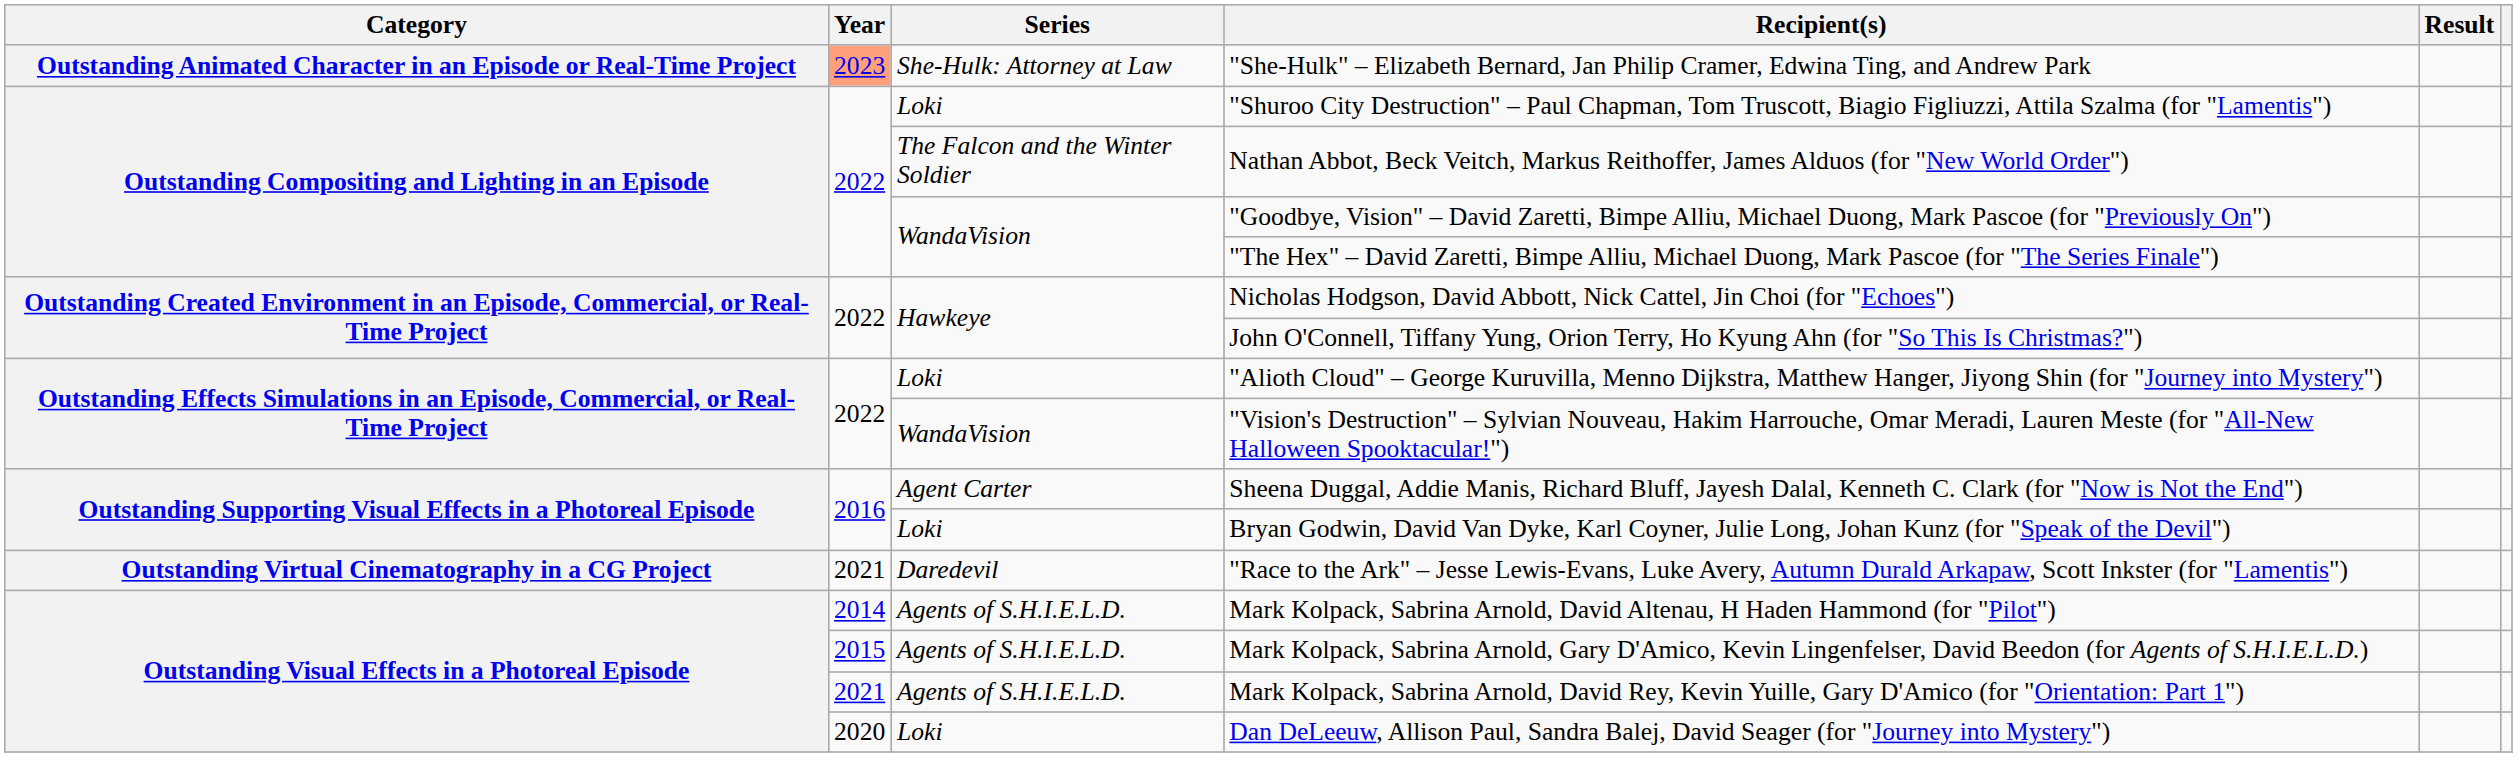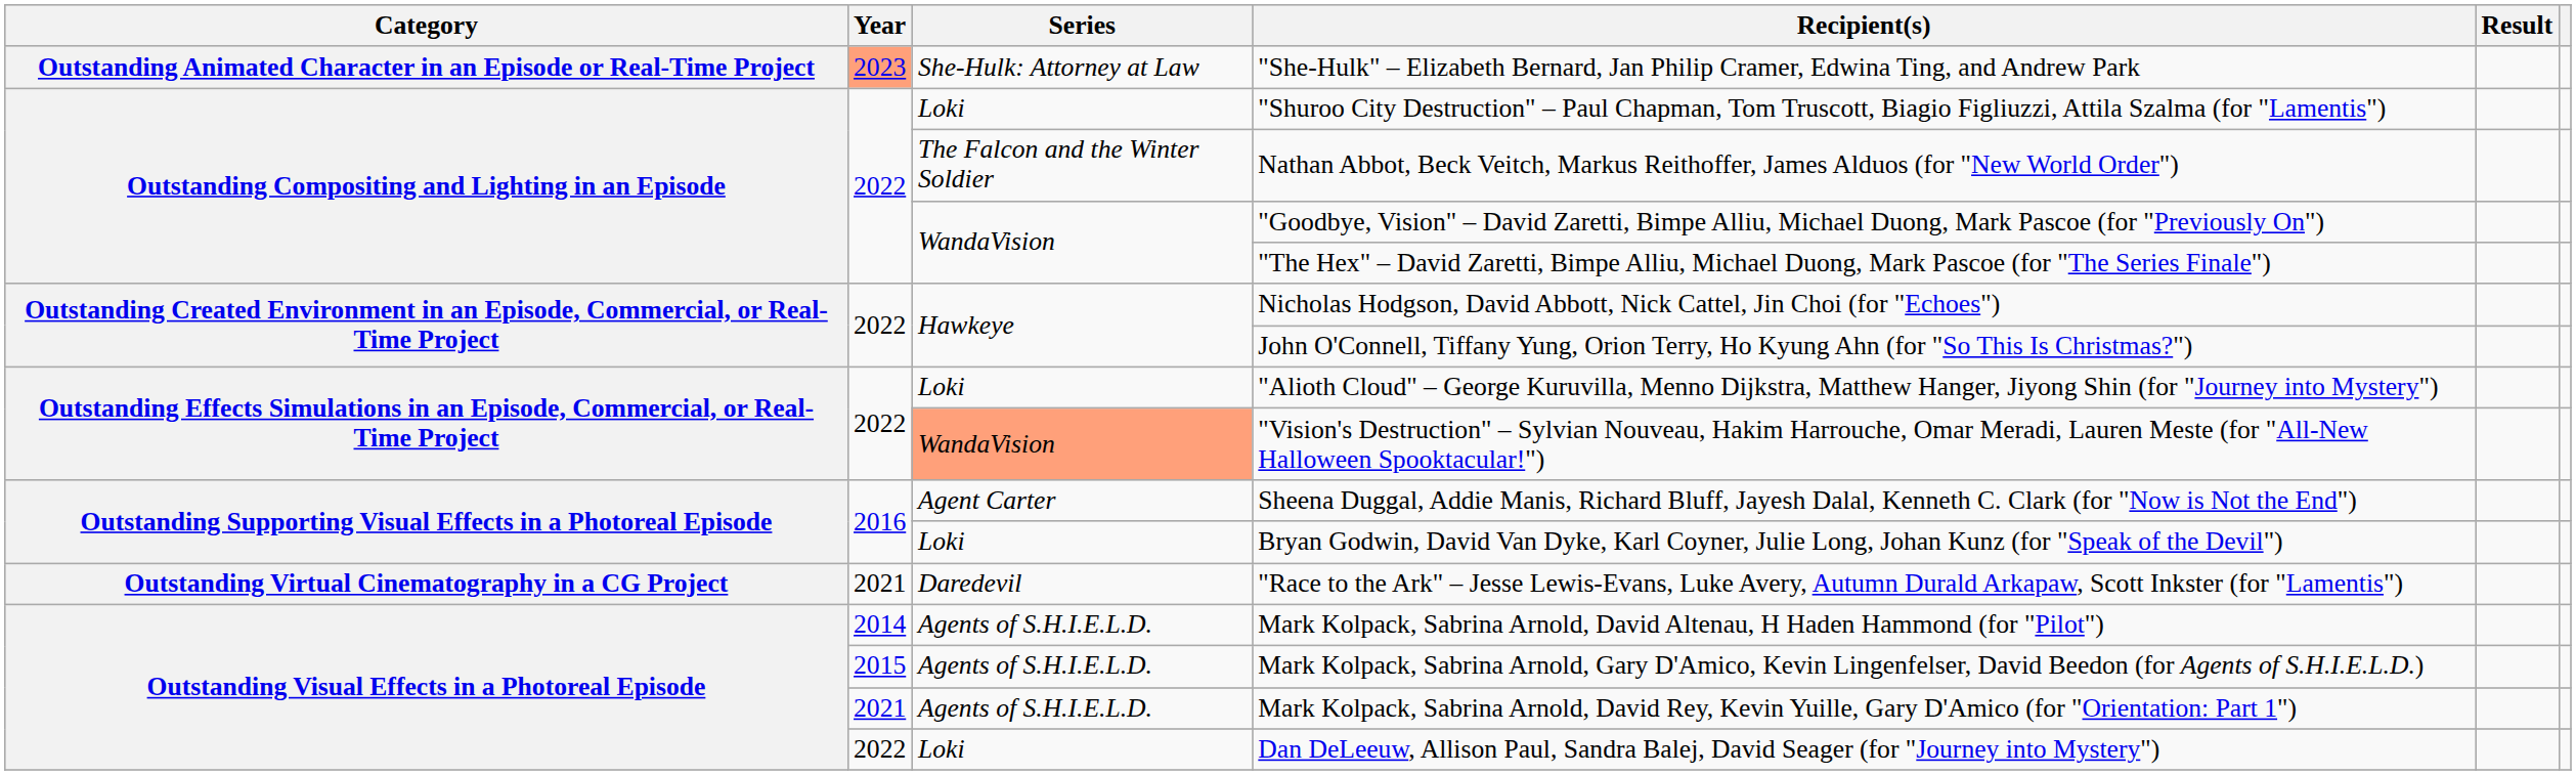 <table class="wikitable plainrowheaders sortable">
 <tr>
 <th scope="col">Category</th>
 <th scope="col">Year</th>
 <th scope="col">Series</th>
 <th scope="col">Recipient(s)</th>
 <th scope="col">Result</th>
 <th scope="col" class="unsortable"></th>
 </tr>
 <tr>
 <th scope="row"><a href='#'>Outstanding Animated Character in an Episode or Real-Time Project</a></th>
 <td style="background: lightsalmon;"><a href='#'>2023</a></td>
 <td><em>She-Hulk: Attorney at Law</em></td>
 <td>"She-Hulk" – Elizabeth Bernard, Jan Philip Cramer, Edwina Ting, and Andrew Park</td>
 <td></td>
 <td style="text-align: center;"></td>
 </tr>
 <tr>
 <th scope="row" rowspan="4"><a href='#'>Outstanding Compositing and Lighting in an Episode</a></th>
 <td rowspan="4"><a href='#'>2022</a></td>
 <td><em>Loki</em></td>
 <td>"Shuroo City Destruction" – Paul Chapman, Tom Truscott, Biagio Figliuzzi, Attila Szalma (for "<a href='#'>Lamentis</a>")</td>
 <td></td>
 <td style="text-align: center;"></td>
 </tr>
 <tr>
 <td><em>The Falcon and the Winter Soldier</em></td>
 <td>Nathan Abbot, Beck Veitch, Markus Reithoffer, James Alduos (for "<a href='#'>New World Order</a>")</td>
 <td></td>
 <td style="text-align: center;"></td>
 </tr>
 <tr>
 <td rowspan="2"><em>WandaVision</em></td>
 <td>"Goodbye, Vision" – David Zaretti, Bimpe Alliu, Michael Duong, Mark Pascoe (for "<a href='#'>Previously On</a>")</td>
 <td></td>
 <td style="text-align: center;"></td>
 </tr>
 <tr>
 <td>"The Hex" – David Zaretti, Bimpe Alliu, Michael Duong, Mark Pascoe (for "<a href='#'>The Series Finale</a>")</td>
 <td></td>
 <td style="text-align: center;"></td>
 </tr>
 <tr>
 <th scope="row" rowspan="2"><a href='#'>Outstanding Created Environment in an Episode, Commercial, or Real-Time Project</a></th>
 <td rowspan="2">2022</td>
 <td rowspan="2"><em>Hawkeye</em></td>
 <td>Nicholas Hodgson, David Abbott, Nick Cattel, Jin Choi (for "<a href='#'>Echoes</a>")</td>
 <td></td>
 <td style="text-align: center;"></td>
 </tr>
 <tr>
 <td>John O'Connell, Tiffany Yung, Orion Terry, Ho Kyung Ahn (for "<a href='#'>So This Is Christmas?</a>")</td>
 <td></td>
 <td style="text-align: center;"></td>
 </tr>
 <tr>
 <th scope="row" rowspan="2"><a href='#'>Outstanding Effects Simulations in an Episode, Commercial, or Real-Time Project</a></th>
 <td rowspan="2">2022</td>
 <td><em>Loki</em></td>
 <td>"Alioth Cloud" – George Kuruvilla, Menno Dijkstra, Matthew Hanger, Jiyong Shin (for "<a href='#'>Journey into Mystery</a>")</td>
 <td></td>
 <td style="text-align: center;"></td>
 </tr>
 <tr>
-<td><em>WandaVision</em></td>
+<td style="background: lightsalmon;"><em>WandaVision</em></td>
 <td>"Vision's Destruction" – Sylvian Nouveau, Hakim Harrouche, Omar Meradi, Lauren Meste (for "<a href='#'>All-New Halloween Spooktacular!</a>")</td>
 <td></td>
 <td style="text-align: center;"></td>
 </tr>
 <tr>
 <th scope="row" rowspan="2"><a href='#'>Outstanding Supporting Visual Effects in a Photoreal Episode</a></th>
 <td rowspan="2"><a href='#'>2016</a></td>
 <td><em>Agent Carter</em></td>
 <td>Sheena Duggal, Addie Manis, Richard Bluff, Jayesh Dalal, Kenneth C. Clark (for "<a href='#'>Now is Not the End</a>")</td>
 <td></td>
 <td style="text-align: center;"></td>
 </tr>
 <tr>
 <td><em>Loki</em></td>
 <td>Bryan Godwin, David Van Dyke, Karl Coyner, Julie Long, Johan Kunz (for "<a href='#'>Speak of the Devil</a>")</td>
 <td></td>
 <td style="text-align: center;"></td>
 </tr>
 <tr>
 <th scope="row"><a href='#'>Outstanding Virtual Cinematography in a CG Project</a></th>
 <td>2021</td>
 <td><em>Daredevil</em></td>
 <td>"Race to the Ark" – Jesse Lewis-Evans, Luke Avery, <a href='#'>Autumn Durald Arkapaw</a>, Scott Inkster (for "<a href='#'>Lamentis</a>")</td>
 <td></td>
 <td style="text-align: center;"></td>
 </tr>
 <tr>
 <th scope="row" rowspan="4"><a href='#'>Outstanding Visual Effects in a Photoreal Episode</a></th>
 <td><a href='#'>2014</a></td>
 <td><em>Agents of S.H.I.E.L.D.</em></td>
 <td>Mark Kolpack, Sabrina Arnold, David Altenau, H Haden Hammond (for "<a href='#'>Pilot</a>")</td>
 <td></td>
 <td style="text-align: center;"></td>
 </tr>
 <tr>
 <td><a href='#'>2015</a></td>
 <td><em>Agents of S.H.I.E.L.D.</em></td>
 <td>Mark Kolpack, Sabrina Arnold, Gary D'Amico, Kevin Lingenfelser, David Beedon (for <em>Agents of S.H.I.E.L.D.</em>)</td>
 <td></td>
 <td style="text-align: center;"></td>
 </tr>
 <tr>
 <td><a href='#'>2021</a></td>
 <td><em>Agents of S.H.I.E.L.D.</em></td>
 <td>Mark Kolpack, Sabrina Arnold, David Rey, Kevin Yuille, Gary D'Amico (for "<a href='#'>Orientation: Part 1</a>")</td>
 <td></td>
 <td style="text-align: center;"></td>
 </tr>
 <tr>
-<td>2020</td>
+<td>2022</td>
 <td><em>Loki</em></td>
 <td><a href='#'>Dan DeLeeuw</a>, Allison Paul, Sandra Balej, David Seager (for "<a href='#'>Journey into Mystery</a>")</td>
 <td></td>
 <td style="text-align: center;"></td>
 </tr>
 </table>
